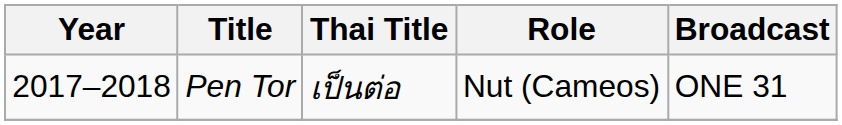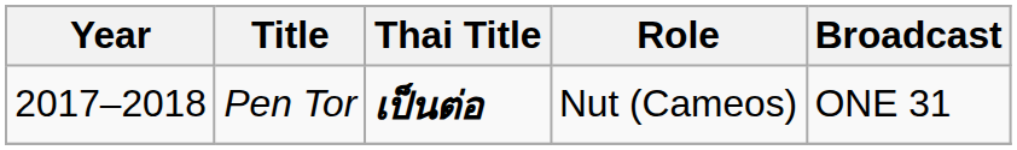 <table class="wikitable">
 <tr>
 <th>Year</th>
 <th>Title</th>
 <th>Thai Title</th>
 <th>Role</th>
 <th>Broadcast</th>
 </tr>
 <tr>
 <td rowspan = "1">2017–2018</td>
 <td><em>Pen Tor </em></td>
-<td><em>เป็นต่อ</em></td>
+<td><strong><em>เป็นต่อ</em></strong></td>
 <td>Nut  (Cameos)</td>
 <td>ONE 31</td>
 </tr>
 <tr>
 </tr>
 </table>
